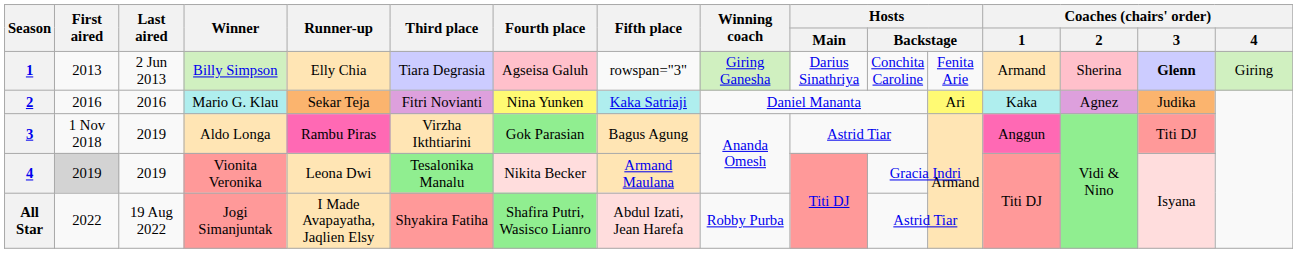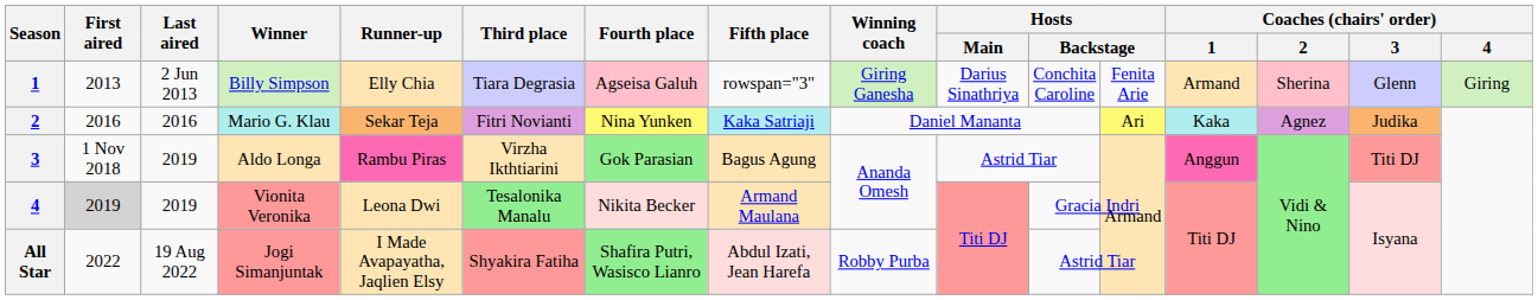 <table class="wikitable" style="text-align:center; font-size:90%; line-height:16px; width:100%">
 <tr>
 <th rowspan="2" scope="col" width="1%">Season</th>
 <th rowspan="2" scope="col" width="5%">First aired</th>
 <th rowspan="2" scope="col" width="5%">Last aired</th>
 <th rowspan="2" scope="col" width="8%">Winner</th>
 <th rowspan="2" scope=“col” width="8%">Runner-up</th>
 <th rowspan="2" scope="col" width="8%">Third place</th>
 <th rowspan="2" scope="col" width="8%">Fourth place</th>
 <th rowspan="2" scope="col" width="8%">Fifth place</th>
 <th rowspan="2" scope="col" width="07%">Winning coach</th>
 <th colspan="3" scope="col" width="12%">Hosts</th>
 <th colspan="5" scope="col" width="24%">Coaches (chairs' order)</th>
 </tr>
 <tr>
 <th scope="col" width="6%">Main</th>
 <th scope="col" colspan="2" width="6%">Backstage</th>
 <th scope="col" width="6%">1</th>
 <th scope="col" width="6%">2</th>
 <th scope="col" width="6%">3</th>
 <th scope="col" width="6%">4</th>
 </tr>
 <tr>
 <th><a href='#'>1</a></th>
 <td> 2013</td>
 <td>2 Jun 2013</td>
 <td style="background:#d0f0c0"><a href='#'>Billy Simpson</a></td>
 <td style="background:#ffe5b4">Elly Chia</td>
 <td style="background:#ccccff">Tiara Degrasia</td>
 <td style="background:pink">Agseisa Galuh</td>
 <td>rowspan="3" </td>
 <td style="background:#d0f0c0"><a href='#'>Giring Ganesha</a></td>
 <td><a href='#'>Darius Sinathriya</a></td>
 <td><a href='#'>Conchita Caroline</a></td>
 <td><a href='#'>Fenita Arie</a></td>
 <td style="background:#ffe5b4">Armand</td>
 <td style="background:pink">Sherina</td>
-<td style="background:#ccccff"><strong>Glenn</strong></td>
+<td style="background:#ccccff">Glenn</td>
 <td style="background:#d0f0c0">Giring</td>
 </tr>
 <tr>
 <th><a href='#'>2</a></th>
 <td> 2016</td>
 <td> 2016</td>
 <td style="background:#afeeee">Mario G. Klau</td>
 <td style="background:#fbb46e">Sekar Teja</td>
 <td style="background:#dda0dd">Fitri Novianti</td>
 <td style="background:#fffa73">Nina Yunken</td>
 <td style="background:#afeeee"><a href='#'>Kaka Satriaji</a></td>
 <td colspan="3"><a href='#'>Daniel Mananta</a></td>
 <td style="background:#fffa73">Ari</td>
 <td style="background:#afeeee">Kaka</td>
 <td style="background:#dda0dd">Agnez</td>
 <td style="background:#fbb46e">Judika</td>
 </tr>
 <tr>
 <th><a href='#'>3</a></th>
 <td>1 Nov 2018</td>
 <td> 2019</td>
 <td style="background:#ffe5b4">Aldo Longa</td>
 <td style="background:#ff69b4">Rambu Piras</td>
 <td style="background:#ffe5b4">Virzha Ikthtiarini</td>
 <td style="background:#90ee90">Gok Parasian</td>
 <td style="background:#ffe5b4">Bagus Agung</td>
 <td rowspan="2"><a href='#'>Ananda Omesh</a></td>
 <td colspan="2"><a href='#'>Astrid Tiar</a></td>
 <td style="background:#ffe5b4" rowspan="3">Armand</td>
 <td style="background:#ff69b4">Anggun</td>
 <td style="background:#90ee90" rowspan="3">Vidi & Nino</td>
 <td style="background:#ff9999">Titi DJ</td>
 </tr>
 <tr>
 <th><a href='#'>4</a></th>
 <td style="background: lightgrey;"> 2019</td>
 <td> 2019</td>
 <td style="background:#ff9999">Vionita Veronika</td>
 <td style="background:#ffe5b4">Leona Dwi</td>
 <td style="background:#90ee90">Tesalonika Manalu</td>
 <td style="background:#ffdddd">Nikita Becker</td>
 <td style="background:#ffe5b4"><a href='#'>Armand Maulana</a></td>
 <td rowspan="2" style="background:#ff9999"><a href='#'>Titi DJ</a></td>
 <td colspan="2"><a href='#'>Gracia Indri</a></td>
 <td rowspan="2" style="background:#ff9999">Titi DJ</td>
 <td rowspan="2" style="background:#ffdddd">Isyana</td>
 </tr>
 <tr>
 <th>All Star</th>
 <td> 2022</td>
 <td>19 Aug 2022</td>
 <td style="background:#ff9999">Jogi Simanjuntak</td>
 <td style="background:#ffe5b4">I Made Avapayatha, Jaqlien Elsy</td>
 <td style="background:#ff9999">Shyakira Fatiha</td>
 <td style="background:#90ee90">Shafira Putri, Wasisco Lianro</td>
 <td style="background:#ffdddd">Abdul Izati, Jean Harefa</td>
 <td><a href='#'>Robby Purba</a></td>
 <td colspan="2"><a href='#'>Astrid Tiar</a></td>
 </tr>
 </table>
